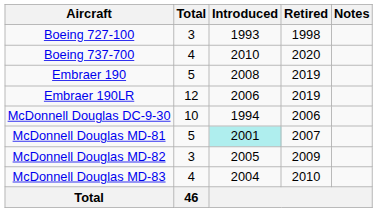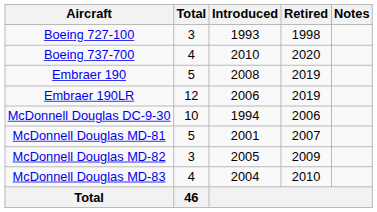 <table class="wikitable" style="margin:0.5em auto; text-align:center">
 <tr>
 <th>Aircraft</th>
 <th>Total</th>
 <th>Introduced</th>
 <th>Retired</th>
 <th>Notes</th>
 </tr>
 <tr>
 <td><a href='#'>Boeing 727-100</a></td>
 <td>3</td>
 <td>1993</td>
 <td>1998</td>
 <td></td>
 </tr>
 <tr>
 <td><a href='#'>Boeing 737-700</a></td>
 <td>4</td>
 <td>2010</td>
 <td>2020</td>
 <td></td>
 </tr>
 <tr>
 <td><a href='#'>Embraer 190</a></td>
 <td>5</td>
 <td>2008</td>
 <td>2019</td>
 <td></td>
 </tr>
 <tr>
 <td><a href='#'>Embraer 190LR</a></td>
 <td>12</td>
 <td>2006</td>
 <td>2019</td>
 <td></td>
 </tr>
 <tr>
 <td><a href='#'>McDonnell Douglas DC-9-30</a></td>
 <td>10</td>
 <td>1994</td>
 <td>2006</td>
 <td></td>
 </tr>
 <tr>
 <td><a href='#'>McDonnell Douglas MD-81</a></td>
 <td>5</td>
-<td style="background: paleturquoise;">2001</td>
+<td>2001</td>
 <td>2007</td>
 <td></td>
 </tr>
 <tr>
 <td><a href='#'>McDonnell Douglas MD-82</a></td>
 <td>3</td>
 <td>2005</td>
 <td>2009</td>
 <td></td>
 </tr>
 <tr>
 <td><a href='#'>McDonnell Douglas MD-83</a></td>
 <td>4</td>
 <td>2004</td>
 <td>2010</td>
 <td></td>
 </tr>
 <tr>
 <th>Total</th>
 <th>46</th>
 <th colspan=3></th>
 </tr>
 </table>
